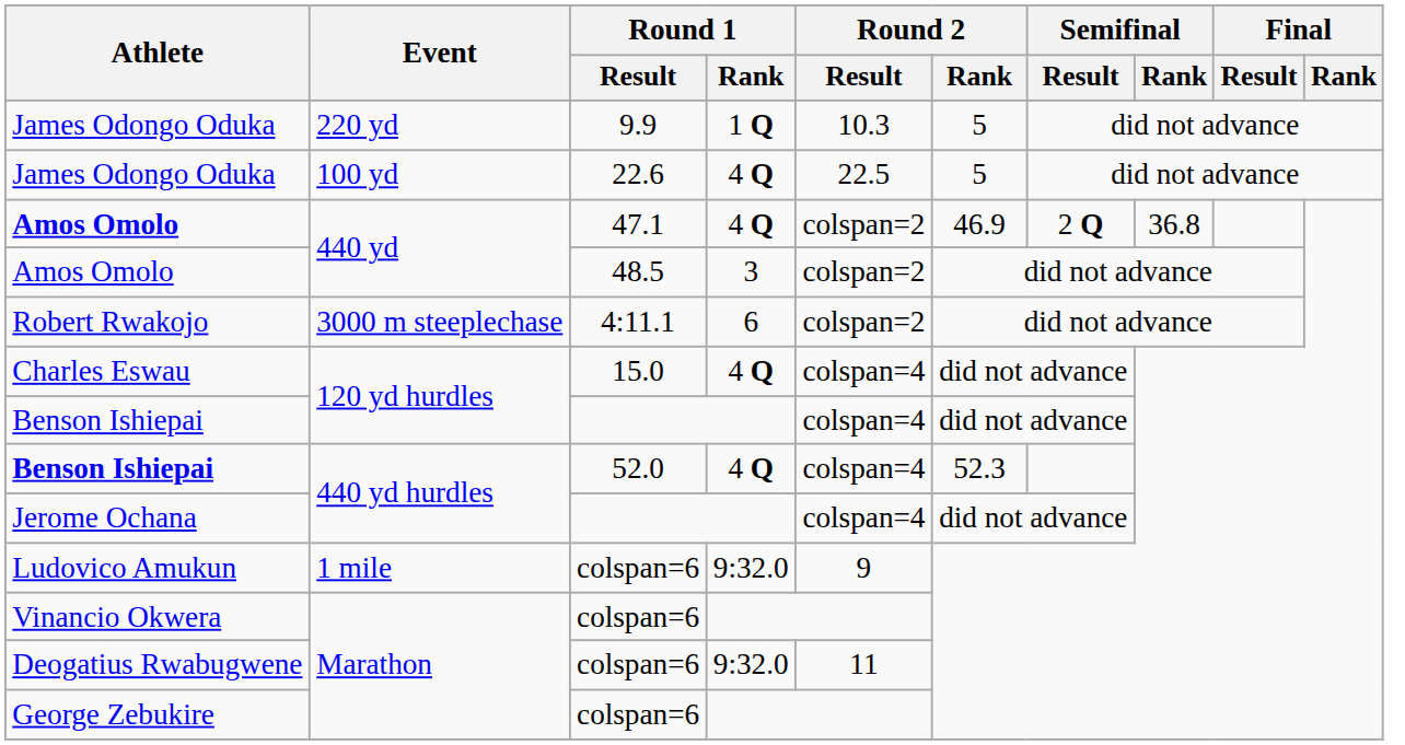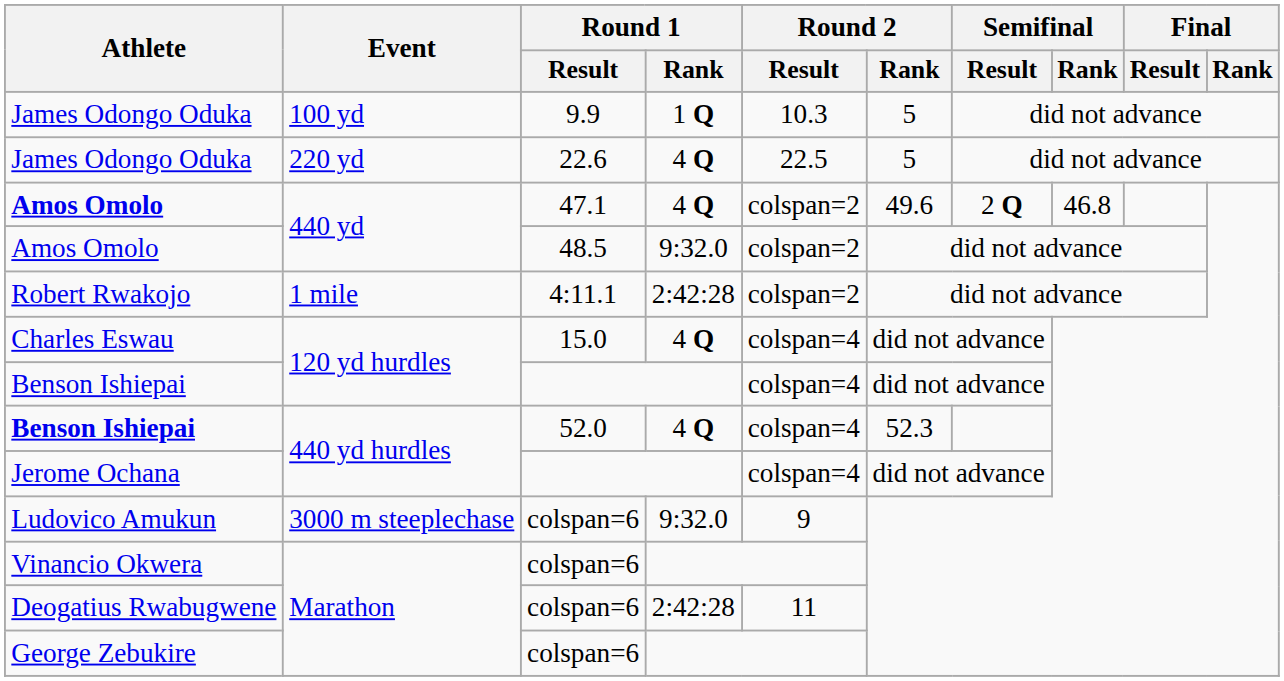 <table class=wikitable style=font-size:90%>
 <tr>
 <th rowspan=2>Athlete</th>
 <th rowspan=2>Event</th>
 <th colspan=2>Round 1</th>
 <th colspan=2>Round 2</th>
 <th colspan=2>Semifinal</th>
 <th colspan=2>Final</th>
 </tr>
 <tr style=font-size:95%>
 <th>Result</th>
 <th>Rank</th>
 <th>Result</th>
 <th>Rank</th>
 <th>Result</th>
 <th>Rank</th>
 <th>Result</th>
 <th>Rank</th>
 </tr>
 <tr align=center>
 <td align=left><a href='#'>James Odongo Oduka</a></td>
-<td align=left><a href='#'>220 yd</a></td>
+<td align=left><a href='#'>100 yd</a></td>
 <td>9.9</td>
 <td>1 <strong>Q</strong></td>
 <td>10.3</td>
 <td>5</td>
 <td colspan=4>did not advance</td>
 </tr>
 <tr align=center>
 <td align=left><a href='#'>James Odongo Oduka</a></td>
-<td align=left><a href='#'>100 yd</a></td>
+<td align=left><a href='#'>220 yd</a></td>
 <td>22.6</td>
 <td>4 <strong>Q</strong></td>
 <td>22.5</td>
 <td>5</td>
 <td colspan=4>did not advance</td>
 </tr>
 <tr align=center>
 <td align=left><strong><a href='#'>Amos Omolo</a></strong></td>
 <td align=left rowspan=2><a href='#'>440 yd</a></td>
 <td>47.1</td>
 <td>4 <strong>Q</strong></td>
 <td>colspan=2 </td>
-<td>46.9</td>
+<td>49.6</td>
 <td>2 <strong>Q</strong></td>
-<td>36.8</td>
+<td>46.8</td>
 <td></td>
 </tr>
 <tr align=center>
 <td align=left><a href='#'>Amos Omolo</a></td>
 <td>48.5</td>
-<td>3</td>
+<td>9:32.0</td>
 <td>colspan=2 </td>
 <td colspan=4>did not advance</td>
 </tr>
 <tr align=center>
 <td align=left><a href='#'>Robert Rwakojo</a></td>
-<td align=left><a href='#'>3000 m steeplechase</a></td>
+<td align=left><a href='#'>1 mile</a></td>
 <td>4:11.1</td>
-<td>6</td>
+<td>2:42:28</td>
 <td>colspan=2 </td>
 <td colspan=4>did not advance</td>
 </tr>
 <tr align=center>
 <td align=left><a href='#'>Charles Eswau</a></td>
 <td align=left rowspan=2><a href='#'>120 yd hurdles</a></td>
 <td>15.0</td>
 <td>4 <strong>Q</strong></td>
 <td>colspan=4 </td>
 <td colspan=2>did not advance</td>
 </tr>
 <tr align=center>
 <td align=left><a href='#'>Benson Ishiepai</a></td>
 <td colspan=2></td>
 <td>colspan=4 </td>
 <td colspan=2>did not advance</td>
 </tr>
 <tr align=center>
 <td align=left><strong><a href='#'>Benson Ishiepai</a></strong></td>
 <td align=left rowspan=2><a href='#'>440 yd hurdles</a></td>
 <td>52.0</td>
 <td>4 <strong>Q</strong></td>
 <td>colspan=4 </td>
 <td>52.3</td>
 <td></td>
 </tr>
 <tr align=center>
 <td align=left><a href='#'>Jerome Ochana</a></td>
 <td colspan=2></td>
 <td>colspan=4 </td>
 <td colspan=2>did not advance</td>
 </tr>
 <tr align=center>
 <td align=left><a href='#'>Ludovico Amukun</a></td>
-<td align=left><a href='#'>1 mile</a></td>
+<td align=left><a href='#'>3000 m steeplechase</a></td>
 <td>colspan=6 </td>
 <td>9:32.0</td>
 <td>9</td>
 </tr>
 <tr align=center>
 <td align=left><a href='#'>Vinancio Okwera</a></td>
 <td align=left rowspan=3><a href='#'>Marathon</a></td>
 <td>colspan=6 </td>
 <td colspan=2></td>
 </tr>
 <tr align=center>
 <td align=left><a href='#'>Deogatius Rwabugwene</a></td>
 <td>colspan=6 </td>
-<td>9:32.0</td>
+<td>2:42:28</td>
 <td>11</td>
 </tr>
 <tr align=center>
 <td align=left><a href='#'>George Zebukire</a></td>
 <td>colspan=6 </td>
 <td colspan=2></td>
 </tr>
 </table>
